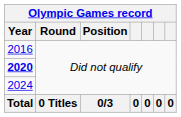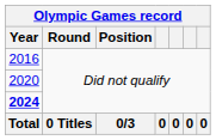 <table class="wikitable" style="text-align: center;">
 <tr>
 <th colspan=10><a href='#'>Olympic Games record</a></th>
 </tr>
 <tr>
 <th>Year</th>
 <th>Round</th>
 <th>Position</th>
 <th></th>
 <th></th>
 <th></th>
 <th></th>
 </tr>
 <tr>
 <td> <a href='#'>2016</a></td>
 <td colspan="6" rowspan="3"><em>Did not qualify</em></td>
 </tr>
 <tr>
-<td><strong> <a href='#'>2020</a></strong></td>
+<td> <a href='#'>2020</a></td>
 </tr>
 <tr>
-<td> <a href='#'>2024</a></td>
+<td><strong> <a href='#'>2024</a></strong></td>
 </tr>
 <tr>
 <th>Total</th>
 <th>0 Titles</th>
 <th>0/3</th>
 <th>0</th>
 <th>0</th>
 <th>0</th>
 <th>0</th>
 </tr>
 </table>
